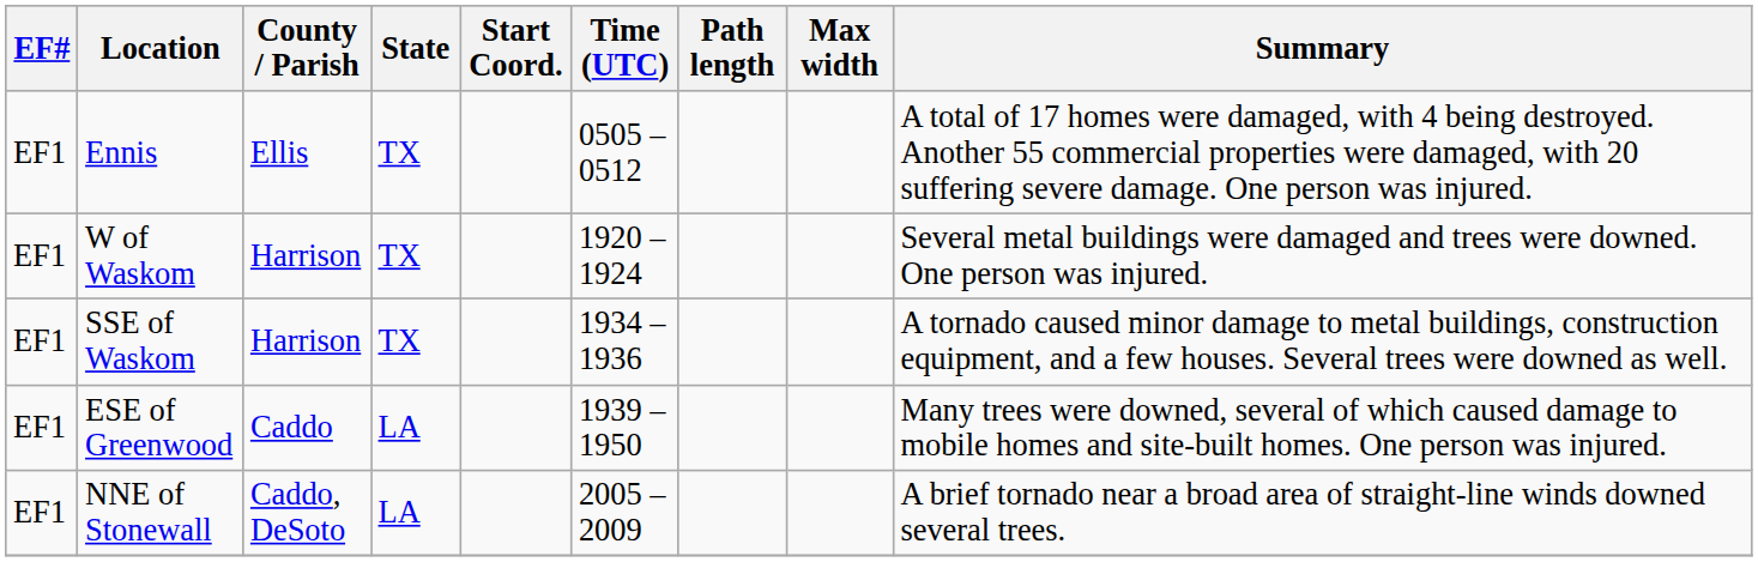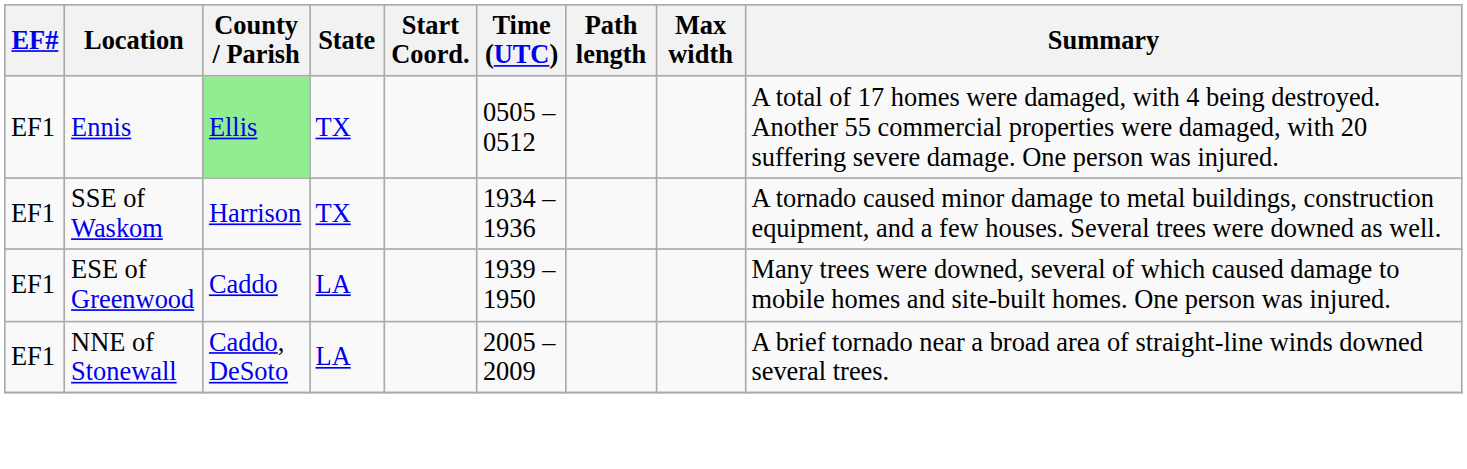 <table class="wikitable sortable" style="width:100%;">
 <tr>
 <th scope="col" width="3%" align="center"><a href='#'>EF#</a></th>
 <th scope="col" width="7%" align="center" class="unsortable">Location</th>
 <th scope="col" width="6%" align="center" class="unsortable">County / Parish</th>
 <th scope="col" width="5%" align="center">State</th>
 <th scope="col" width="6%" align="center">Start Coord.</th>
 <th scope="col" width="6%" align="center">Time (<a href='#'>UTC</a>)</th>
 <th scope="col" width="6%" align="center">Path length</th>
 <th scope="col" width="6%" align="center">Max width</th>
 <th scope="col" width="48%" class="unsortable" align="center">Summary</th>
 </tr>
 <tr>
 <td>EF1</td>
 <td><a href='#'>Ennis</a></td>
-<td><a href='#'>Ellis</a></td>
+<td style="background: lightgreen;"><a href='#'>Ellis</a></td>
 <td><a href='#'>TX</a></td>
 <td></td>
 <td>0505 – 0512</td>
 <td></td>
 <td></td>
 <td>A total of 17 homes were damaged, with 4 being destroyed. Another 55 commercial properties were damaged, with 20 suffering severe damage. One person was injured.</td>
-</tr>
-<tr>
-<td>EF1</td>
-<td>W of <a href='#'>Waskom</a></td>
-<td><a href='#'>Harrison</a></td>
-<td><a href='#'>TX</a></td>
-<td></td>
-<td>1920 – 1924</td>
-<td></td>
-<td></td>
-<td>Several metal buildings were damaged and trees were downed. One person was injured.</td>
 </tr>
 <tr>
 <td>EF1</td>
 <td>SSE of <a href='#'>Waskom</a></td>
 <td><a href='#'>Harrison</a></td>
 <td><a href='#'>TX</a></td>
 <td></td>
 <td>1934 – 1936</td>
 <td></td>
 <td></td>
 <td>A tornado caused minor damage to metal buildings, construction equipment, and a few houses. Several trees were downed as well.</td>
 </tr>
 <tr>
 <td>EF1</td>
 <td>ESE of <a href='#'>Greenwood</a></td>
 <td><a href='#'>Caddo</a></td>
 <td><a href='#'>LA</a></td>
 <td></td>
 <td>1939 – 1950</td>
 <td></td>
 <td></td>
 <td>Many trees were downed, several of which caused damage to mobile homes and site-built homes. One person was injured.</td>
 </tr>
 <tr>
 <td>EF1</td>
 <td>NNE of <a href='#'>Stonewall</a></td>
 <td><a href='#'>Caddo</a>, <a href='#'>DeSoto</a></td>
 <td><a href='#'>LA</a></td>
 <td></td>
 <td>2005 – 2009</td>
 <td></td>
 <td></td>
 <td>A brief tornado near a broad area of straight-line winds downed several trees.</td>
 </tr>
 <tr>
 </tr>
 </table>
